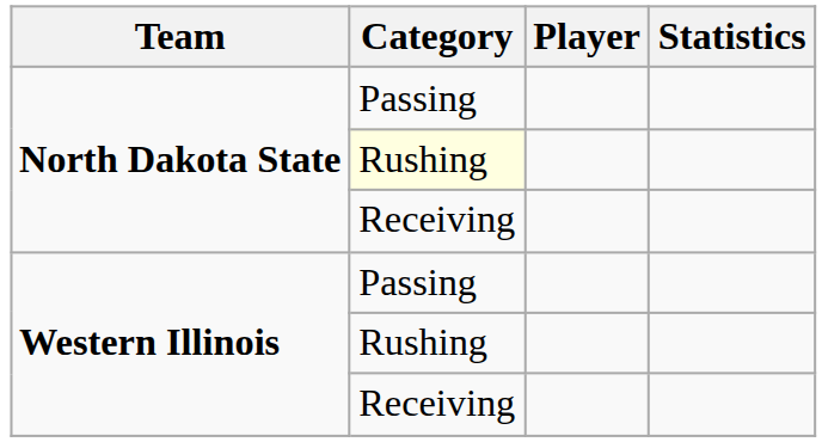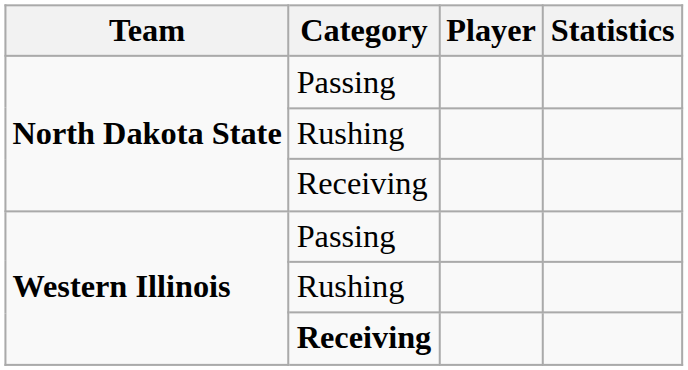 <table class="wikitable" style="float: right;">
 <tr>
 <th>Team</th>
 <th>Category</th>
 <th>Player</th>
 <th>Statistics</th>
 </tr>
 <tr>
 <td rowspan=3><strong>North Dakota State</strong></td>
 <td>Passing</td>
 <td></td>
 <td></td>
 </tr>
 <tr>
-<td style="background: lightyellow;">Rushing</td>
+<td>Rushing</td>
 <td></td>
 <td></td>
 </tr>
 <tr>
 <td>Receiving</td>
 <td></td>
 <td></td>
 </tr>
 <tr>
 <td rowspan=3><strong>Western Illinois</strong></td>
 <td>Passing</td>
 <td></td>
 <td></td>
 </tr>
 <tr>
 <td>Rushing</td>
 <td></td>
 <td></td>
 </tr>
 <tr>
-<td>Receiving</td>
+<td><strong>Receiving</strong></td>
 <td></td>
 <td></td>
 </tr>
 </table>
